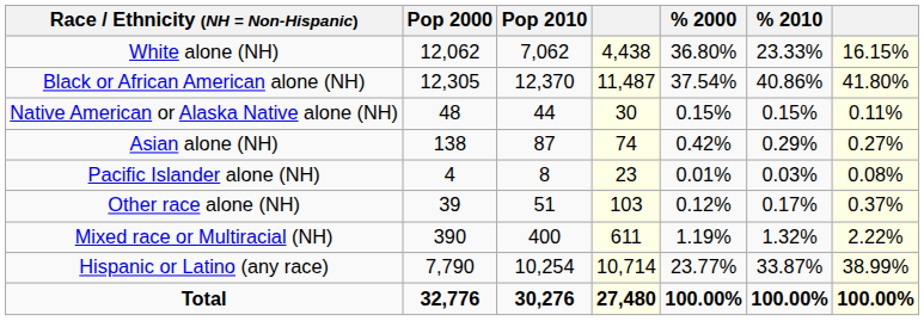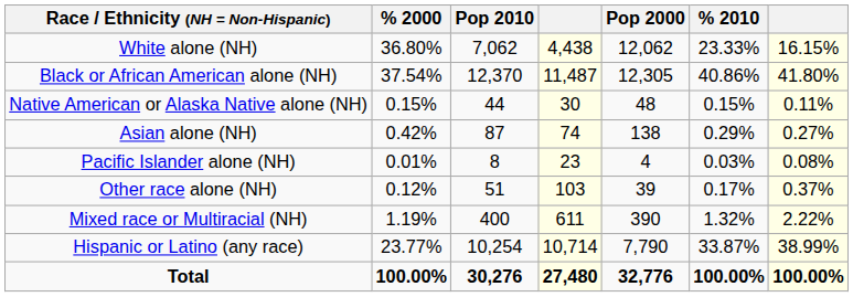 <table class="wikitable" style="text-align:center;">
 <tr>
 <th>Race / Ethnicity <small>(<em>NH = Non-Hispanic</em>)</small></th>
-<th>Pop 2000</th>
+<th>% 2000</th>
 <th>Pop 2010</th>
 <th></th>
-<th>% 2000</th>
+<th>Pop 2000</th>
 <th>% 2010</th>
 <th></th>
 </tr>
 <tr>
 <td><a href='#'>White</a> alone (NH)</td>
-<td>12,062</td>
+<td>36.80%</td>
 <td>7,062</td>
 <td style='background: #ffffe6;'>4,438</td>
-<td>36.80%</td>
+<td>12,062</td>
 <td>23.33%</td>
 <td style='background: #ffffe6;'>16.15%</td>
 </tr>
 <tr>
 <td><a href='#'>Black or African American</a> alone (NH)</td>
-<td>12,305</td>
+<td>37.54%</td>
 <td>12,370</td>
 <td style='background: #ffffe6;'>11,487</td>
-<td>37.54%</td>
+<td>12,305</td>
 <td>40.86%</td>
 <td style='background: #ffffe6;'>41.80%</td>
 </tr>
 <tr>
 <td><a href='#'>Native American</a> or <a href='#'>Alaska Native</a> alone (NH)</td>
-<td>48</td>
+<td>0.15%</td>
 <td>44</td>
 <td style='background: #ffffe6;'>30</td>
-<td>0.15%</td>
+<td>48</td>
 <td>0.15%</td>
 <td style='background: #ffffe6;'>0.11%</td>
 </tr>
 <tr>
 <td><a href='#'>Asian</a> alone (NH)</td>
-<td>138</td>
+<td>0.42%</td>
 <td>87</td>
 <td style='background: #ffffe6;'>74</td>
-<td>0.42%</td>
+<td>138</td>
 <td>0.29%</td>
 <td style='background: #ffffe6;'>0.27%</td>
 </tr>
 <tr>
 <td><a href='#'>Pacific Islander</a> alone (NH)</td>
-<td>4</td>
+<td>0.01%</td>
 <td>8</td>
 <td style='background: #ffffe6;'>23</td>
-<td>0.01%</td>
+<td>4</td>
 <td>0.03%</td>
 <td style='background: #ffffe6;'>0.08%</td>
 </tr>
 <tr>
 <td><a href='#'>Other race</a> alone (NH)</td>
-<td>39</td>
+<td>0.12%</td>
 <td>51</td>
 <td style='background: #ffffe6;'>103</td>
-<td>0.12%</td>
+<td>39</td>
 <td>0.17%</td>
 <td style='background: #ffffe6;'>0.37%</td>
 </tr>
 <tr>
 <td><a href='#'>Mixed race or Multiracial</a> (NH)</td>
-<td>390</td>
+<td>1.19%</td>
 <td>400</td>
 <td style='background: #ffffe6;'>611</td>
-<td>1.19%</td>
+<td>390</td>
 <td>1.32%</td>
 <td style='background: #ffffe6;'>2.22%</td>
 </tr>
 <tr>
 <td><a href='#'>Hispanic or Latino</a> (any race)</td>
-<td>7,790</td>
+<td>23.77%</td>
 <td>10,254</td>
 <td style='background: #ffffe6;'>10,714</td>
-<td>23.77%</td>
+<td>7,790</td>
 <td>33.87%</td>
 <td style='background: #ffffe6;'>38.99%</td>
 </tr>
 <tr>
 <td><strong>Total</strong></td>
-<td><strong>32,776</strong></td>
+<td><strong>100.00%</strong></td>
 <td><strong>30,276</strong></td>
 <td style='background: #ffffe6;'><strong>27,480</strong></td>
-<td><strong>100.00%</strong></td>
+<td><strong>32,776</strong></td>
 <td><strong>100.00%</strong></td>
 <td style='background: #ffffe6;'><strong>100.00%</strong></td>
 </tr>
 </table>
